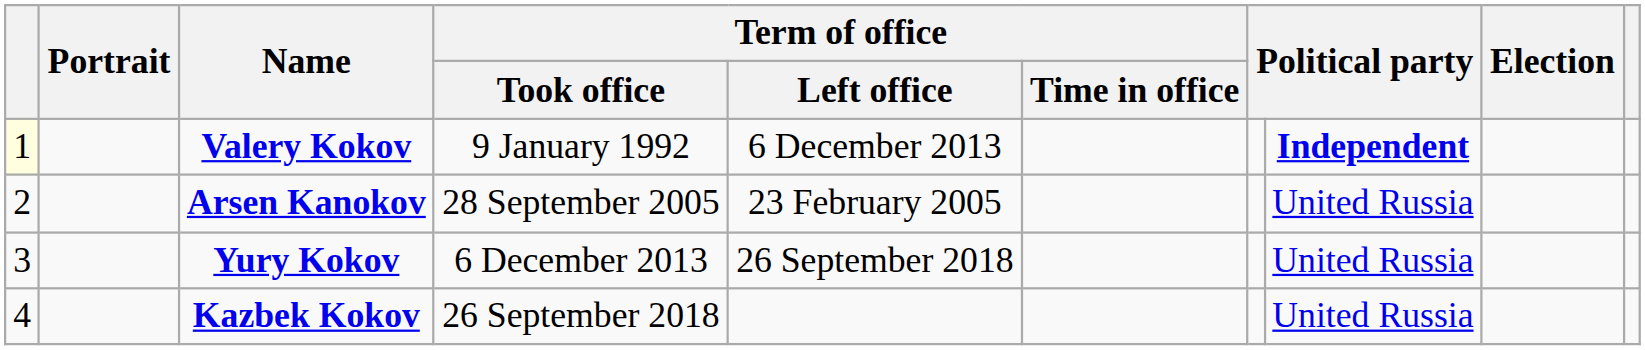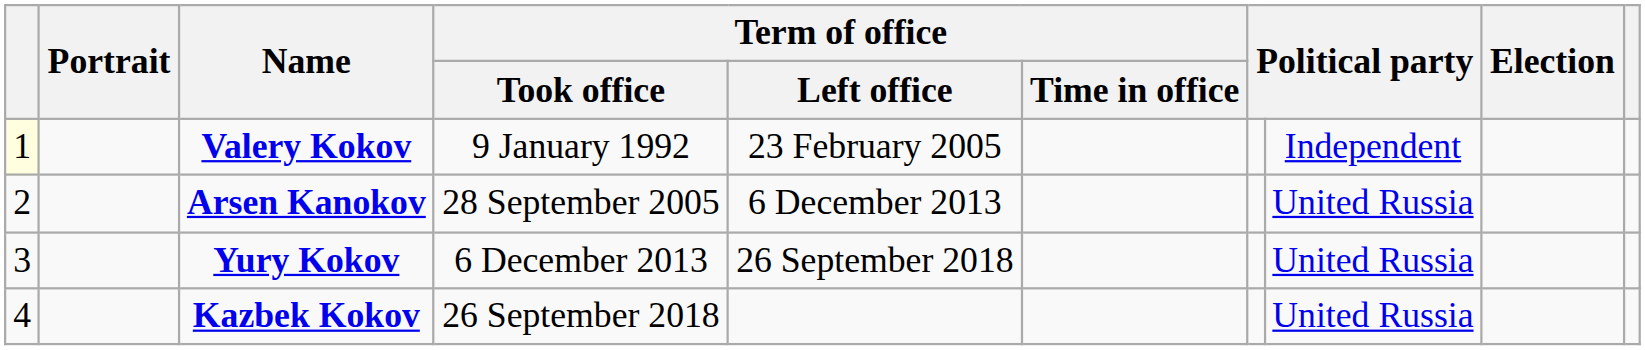 <table class="wikitable" style="text-align:center">
 <tr>
 <th rowspan=2></th>
 <th rowspan=2>Portrait</th>
 <th rowspan=2>Name<br></th>
 <th colspan=3>Term of office</th>
 <th colspan=2 rowspan=2>Political party</th>
 <th rowspan=2>Election</th>
 <th rowspan=2></th>
 </tr>
 <tr>
 <th>Took office</th>
 <th>Left office</th>
 <th>Time in office</th>
 </tr>
 <tr>
 <td style="background: lightyellow;">1</td>
 <td></td>
 <td><strong><a href='#'>Valery Kokov</a></strong><br></td>
 <td>9 January 1992</td>
-<td>6 December 2013</td>
+<td>23 February 2005</td>
 <td></td>
 <td style="background: "></td>
-<td><strong><a href='#'>Independent</a></strong></td>
+<td><a href='#'>Independent</a></td>
 <td></td>
 <td></td>
 </tr>
 <tr>
 <td>2</td>
 <td></td>
 <td><strong><a href='#'>Arsen Kanokov</a></strong><br></td>
 <td>28 September 2005</td>
-<td>23 February 2005</td>
+<td>6 December 2013</td>
 <td></td>
 <td style="background: "></td>
 <td><a href='#'>United Russia</a></td>
 <td></td>
 <td></td>
 </tr>
 <tr>
 <td>3</td>
 <td></td>
 <td><strong><a href='#'>Yury Kokov</a></strong><br></td>
 <td>6 December 2013</td>
 <td>26 September 2018</td>
 <td></td>
 <td style="background: "></td>
 <td><a href='#'>United Russia</a></td>
 <td></td>
 <td></td>
 </tr>
 <tr>
 <td>4</td>
 <td></td>
 <td><strong><a href='#'>Kazbek Kokov</a></strong><br></td>
 <td>26 September 2018</td>
 <td></td>
 <td></td>
 <td style="background: "></td>
 <td><a href='#'>United Russia</a></td>
 <td></td>
 </tr>
 </table>
